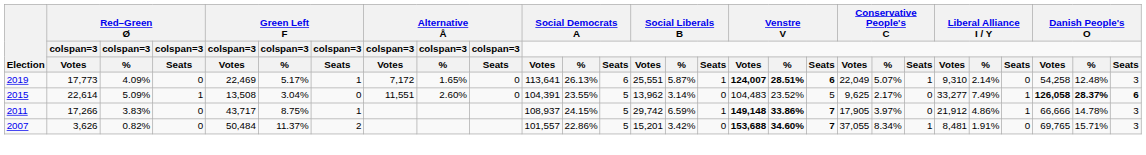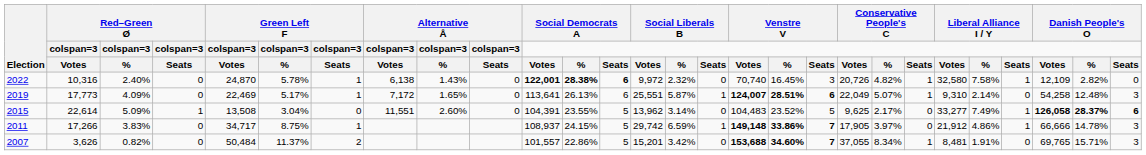 <table class="wikitable" border="1" style="font-size:85%; text-align:right;">
 <tr>
 <th style="text-align:left;" valign=bottom rowspan=3>Election</th>
 <th valign=bottom colspan=3><a href='#'>Red–Green</a><br>Ø</th>
 <th valign=bottom colspan=3><a href='#'>Green Left</a><br>F</th>
 <th valign=bottom colspan=3><a href='#'>Alternative</a><br>Å</th>
 <th valign=bottom colspan=3><a href='#'>Social Democrats</a><br>A</th>
 <th valign=bottom colspan=3><a href='#'>Social Liberals</a><br>B</th>
 <th valign=bottom colspan=3><a href='#'>Venstre</a><br>V</th>
 <th valign=bottom colspan=3><a href='#'>Conservative People's</a><br>C</th>
 <th valign=bottom colspan=3><a href='#'>Liberal Alliance</a><br>I / Y</th>
 <th valign=bottom colspan=3><a href='#'>Danish People's</a><br>O</th>
 </tr>
 <tr>
 <th>colspan=3 </th>
 <th>colspan=3 </th>
 <th>colspan=3 </th>
 <th>colspan=3 </th>
 <th>colspan=3 </th>
 <th>colspan=3 </th>
 <th>colspan=3 </th>
 <th>colspan=3 </th>
 <th>colspan=3 </th>
 </tr>
 <tr>
 <th>Votes</th>
 <th>%</th>
 <th>Seats</th>
 <th>Votes</th>
 <th>%</th>
 <th>Seats</th>
 <th>Votes</th>
 <th>%</th>
 <th>Seats</th>
 <th>Votes</th>
 <th>%</th>
 <th>Seats</th>
 <th>Votes</th>
 <th>%</th>
 <th>Seats</th>
 <th>Votes</th>
 <th>%</th>
 <th>Seats</th>
 <th>Votes</th>
 <th>%</th>
 <th>Seats</th>
 <th>Votes</th>
 <th>%</th>
 <th>Seats</th>
 <th>Votes</th>
 <th>%</th>
 <th>Seats</th>
+</tr>
+<tr>
+<td align=left><a href='#'>2022</a></td>
+<td>10,316</td>
+<td>2.40%</td>
+<td>0</td>
+<td>24,870</td>
+<td>5.78%</td>
+<td>1</td>
+<td>6,138</td>
+<td>1.43%</td>
+<td>0</td>
+<td><strong>122,001</strong></td>
+<td><strong>28.38%</strong></td>
+<td><strong>6</strong></td>
+<td>9,972</td>
+<td>2.32%</td>
+<td>0</td>
+<td>70,740</td>
+<td>16.45%</td>
+<td>3</td>
+<td>20,726</td>
+<td>4.82%</td>
+<td>1</td>
+<td>32,580</td>
+<td>7.58%</td>
+<td>1</td>
+<td>12,109</td>
+<td>2.82%</td>
+<td>0</td>
 </tr>
 <tr>
 <td align=left><a href='#'>2019</a></td>
 <td>17,773</td>
 <td>4.09%</td>
 <td>0</td>
 <td>22,469</td>
 <td>5.17%</td>
 <td>1</td>
 <td>7,172</td>
 <td>1.65%</td>
 <td>0</td>
 <td>113,641</td>
 <td>26.13%</td>
 <td>6</td>
 <td>25,551</td>
 <td>5.87%</td>
 <td>1</td>
 <td><strong>124,007</strong></td>
 <td><strong>28.51%</strong></td>
 <td><strong>6</strong></td>
 <td>22,049</td>
 <td>5.07%</td>
 <td>1</td>
 <td>9,310</td>
 <td>2.14%</td>
 <td>0</td>
 <td>54,258</td>
 <td>12.48%</td>
 <td>3</td>
 </tr>
 <tr>
 <td align=left><a href='#'>2015</a></td>
 <td>22,614</td>
 <td>5.09%</td>
 <td>1</td>
 <td>13,508</td>
 <td>3.04%</td>
 <td>0</td>
 <td>11,551</td>
 <td>2.60%</td>
 <td>0</td>
 <td>104,391</td>
 <td>23.55%</td>
 <td>5</td>
 <td>13,962</td>
 <td>3.14%</td>
 <td>0</td>
 <td>104,483</td>
 <td>23.52%</td>
 <td>5</td>
 <td>9,625</td>
 <td>2.17%</td>
 <td>0</td>
 <td>33,277</td>
 <td>7.49%</td>
 <td>1</td>
 <td><strong>126,058</strong></td>
 <td><strong>28.37%</strong></td>
 <td><strong>6</strong></td>
 </tr>
 <tr>
 <td align=left><a href='#'>2011</a></td>
 <td>17,266</td>
 <td>3.83%</td>
 <td>0</td>
-<td>43,717</td>
+<td>34,717</td>
 <td>8.75%</td>
 <td>1</td>
 <td></td>
 <td></td>
 <td></td>
 <td>108,937</td>
 <td>24.15%</td>
 <td>5</td>
 <td>29,742</td>
 <td>6.59%</td>
 <td>1</td>
 <td><strong>149,148</strong></td>
 <td><strong>33.86%</strong></td>
 <td><strong>7</strong></td>
 <td>17,905</td>
 <td>3.97%</td>
 <td>0</td>
 <td>21,912</td>
 <td>4.86%</td>
 <td>1</td>
 <td>66,666</td>
 <td>14.78%</td>
 <td>3</td>
 </tr>
 <tr>
 <td align=left><a href='#'>2007</a></td>
 <td>3,626</td>
 <td>0.82%</td>
 <td>0</td>
 <td>50,484</td>
 <td>11.37%</td>
 <td>2</td>
 <td></td>
 <td></td>
 <td></td>
 <td>101,557</td>
 <td>22.86%</td>
 <td>5</td>
 <td>15,201</td>
 <td>3.42%</td>
 <td>0</td>
 <td><strong>153,688</strong></td>
 <td><strong>34.60%</strong></td>
 <td><strong>7</strong></td>
 <td>37,055</td>
 <td>8.34%</td>
 <td>1</td>
 <td>8,481</td>
 <td>1.91%</td>
 <td>0</td>
 <td>69,765</td>
 <td>15.71%</td>
 <td>3</td>
 </tr>
 </table>
